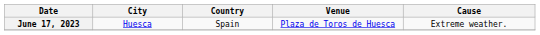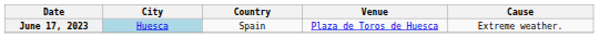 <table class="wikitable plainrowheaders" style="text-align:center;">
 <tr>
 <th scope="col" style="width:12em;">Date</th>
 <th scope="col" style="width:12em;">City</th>
 <th scope="col" style="width:12em;">Country</th>
 <th scope="col" style="width:18em;">Venue</th>
 <th scope="col" style="width:18em;">Cause</th>
 </tr>
 <tr>
 <th scope="row">June 17, 2023</th>
-<td><a href='#'>Huesca</a></td>
+<td style="background: lightblue;"><a href='#'>Huesca</a></td>
 <td>Spain</td>
 <td><a href='#'>Plaza de Toros de Huesca</a></td>
 <td>Extreme weather.</td>
 </tr>
 <tr>
 </tr>
 </table>
